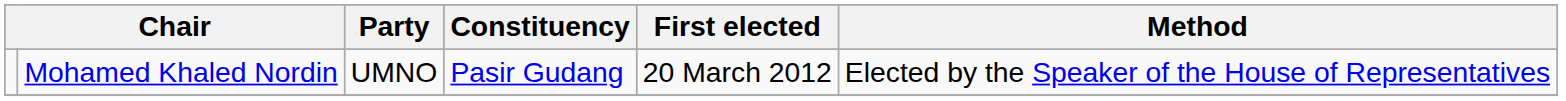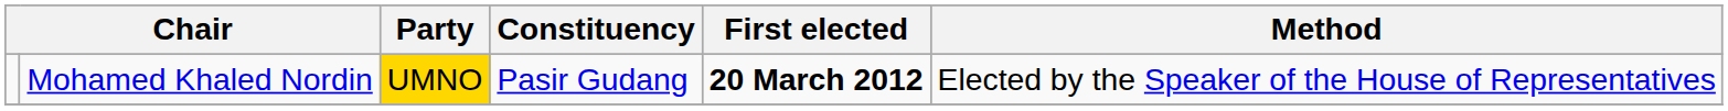 <table class="wikitable">
 <tr>
 <th colspan="2">Chair</th>
 <th>Party</th>
 <th>Constituency</th>
 <th>First elected</th>
 <th>Method</th>
 </tr>
 <tr>
 <td style="background-color: "></td>
 <td><a href='#'>Mohamed Khaled Nordin</a></td>
-<td>UMNO</td>
+<td style="background: gold;">UMNO</td>
 <td><a href='#'>Pasir Gudang</a></td>
-<td>20 March 2012</td>
+<td><strong>20 March 2012</strong></td>
 <td>Elected by the <a href='#'>Speaker of the House of Representatives</a></td>
 </tr>
 <tr>
 </tr>
 </table>
